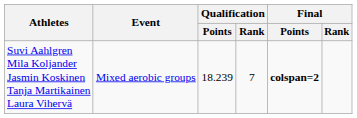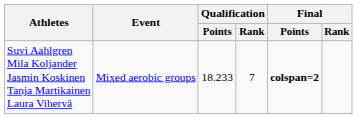 <table class="wikitable" style="font-size:90%">
 <tr>
 <th rowspan="2">Athletes</th>
 <th rowspan="2">Event</th>
 <th colspan=2>Qualification</th>
 <th colspan=2>Final</th>
 </tr>
 <tr style="font-size:95%">
 <th>Points</th>
 <th>Rank</th>
 <th>Points</th>
 <th>Rank</th>
 </tr>
 <tr align=center>
 <td align=left><a href='#'>Suvi Aahlgren</a><br><a href='#'>Mila Koljander</a><br><a href='#'>Jasmin Koskinen</a><br><a href='#'>Tanja Martikainen</a><br><a href='#'>Laura Vihervä</a></td>
 <td align=left><a href='#'>Mixed aerobic groups</a></td>
-<td>18.239</td>
+<td>18.233</td>
 <td>7</td>
 <td><strong>colspan=2 </strong></td>
 </tr>
 </table>
